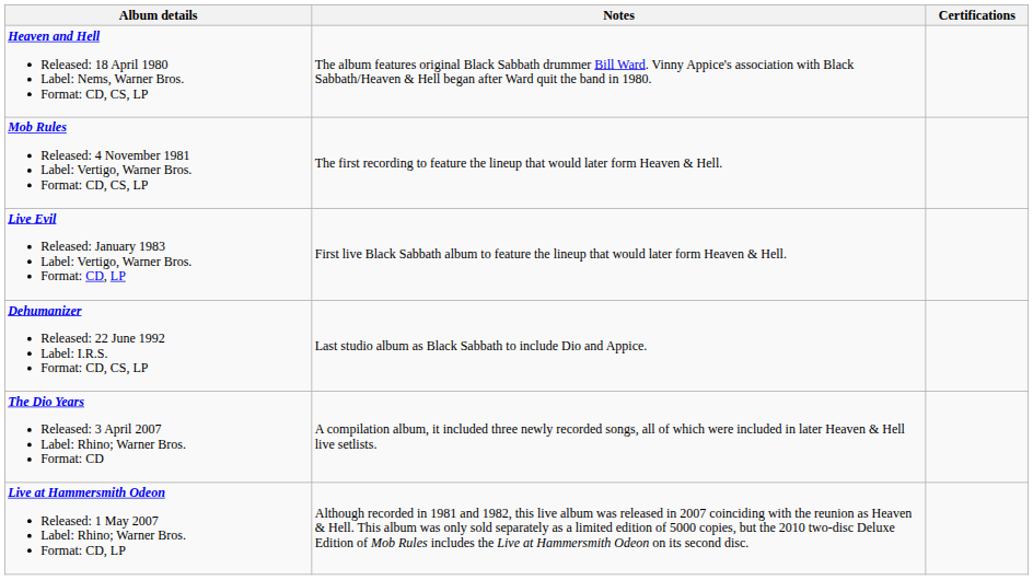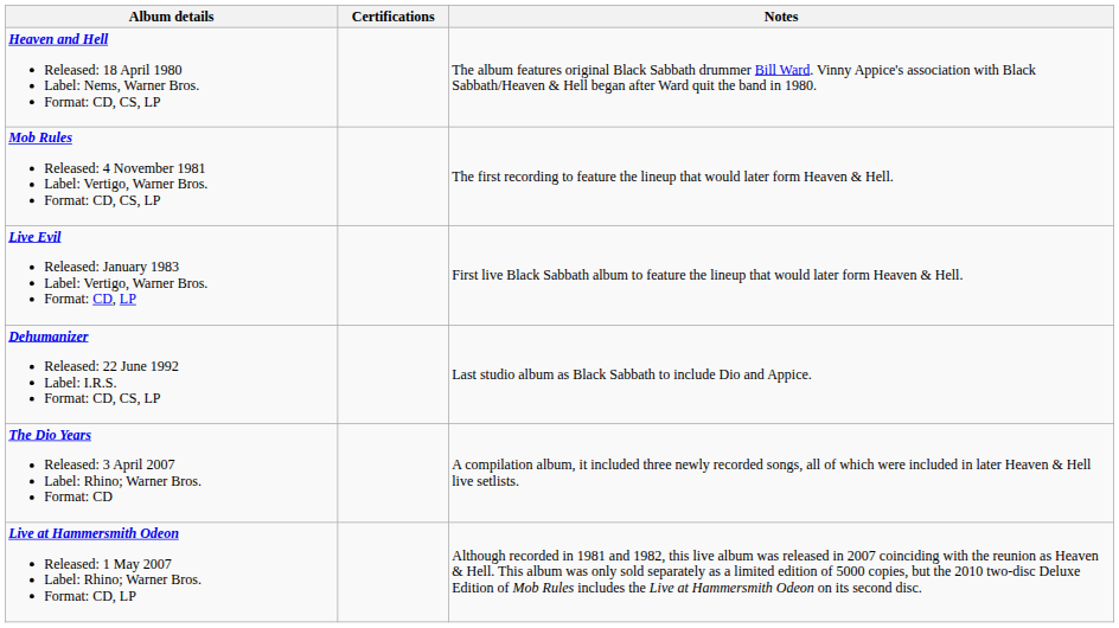 <table class="wikitable">
 <tr>
 <th width="30%">Album details</th>
+<th width="10%">Certifications</th>
 <th width="60%">Notes</th>
-<th width="10%">Certifications</th>
 </tr>
 <tr>
 <td><strong><em><a href='#'>Heaven and Hell</a></em></strong><br><ul><li>Released: 18 April 1980</li><li>Label: Nems, Warner Bros.</li><li>Format: CD, CS, LP</li></ul></td>
+<td><br><br></td>
 <td>The album features original Black Sabbath drummer <a href='#'>Bill Ward</a>. Vinny Appice's association with Black Sabbath/Heaven & Hell began after Ward quit the band in 1980.</td>
-<td><br><br></td>
 </tr>
 <tr>
 <td><strong><em><a href='#'>Mob Rules</a></em></strong><br><ul><li>Released: 4 November 1981</li><li>Label: Vertigo, Warner Bros.</li><li>Format: CD, CS, LP</li></ul></td>
+<td><br><br></td>
 <td>The first recording to feature the lineup that would later form Heaven & Hell.</td>
-<td><br><br></td>
 </tr>
 <tr>
 <td><strong><em><a href='#'>Live Evil</a></em></strong><br><ul><li>Released: January 1983</li><li>Label: Vertigo, Warner Bros.</li><li>Format: <a href='#'>CD</a>, <a href='#'>LP</a></li></ul></td>
+<td></td>
 <td>First live Black Sabbath album to feature the lineup that would later form Heaven & Hell.</td>
-<td></td>
 </tr>
 <tr>
 <td><strong><em><a href='#'>Dehumanizer</a></em></strong><br><ul><li>Released: 22 June 1992</li><li>Label: I.R.S.</li><li>Format: CD, CS, LP</li></ul></td>
+<td></td>
 <td>Last studio album as Black Sabbath to include Dio and Appice.</td>
-<td></td>
 </tr>
 <tr>
 <td><strong><em><a href='#'>The Dio Years</a></em></strong><br><ul><li>Released: 3 April 2007</li><li>Label: Rhino; Warner Bros.</li><li>Format: CD</li></ul></td>
+<td></td>
 <td>A compilation album, it included three newly recorded songs, all of which were included in later Heaven & Hell live setlists.</td>
-<td></td>
 </tr>
 <tr>
 <td><strong><em><a href='#'>Live at Hammersmith Odeon</a></em></strong><br><ul><li>Released: 1 May 2007</li><li>Label: Rhino; Warner Bros.</li><li>Format: CD, LP</li></ul></td>
+<td></td>
 <td>Although recorded in 1981 and 1982, this live album was released in 2007 coinciding with the reunion as Heaven & Hell. This album was only sold separately as a limited edition of 5000 copies, but the 2010 two-disc Deluxe Edition of <em>Mob Rules</em> includes the <em>Live at Hammersmith Odeon</em> on its second disc.</td>
-<td></td>
 </tr>
 </table>
